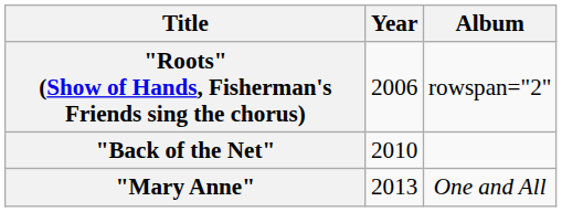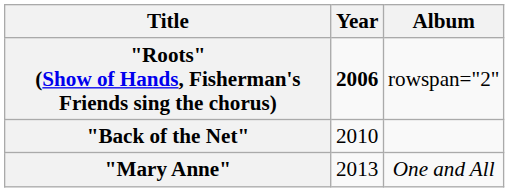 <table class="wikitable plainrowheaders" style="text-align:center;">
 <tr>
 <th scope="col" style="width:15em;">Title</th>
 <th scope="col" style="width:1em;">Year</th>
 <th scope="col">Album</th>
 </tr>
 <tr>
 <th scope="row">"Roots"<br><span>(<a href='#'>Show of Hands</a>, Fisherman's Friends sing the chorus)</span></th>
-<td>2006</td>
+<td><strong>2006</strong></td>
 <td>rowspan="2" </td>
 </tr>
 <tr>
 <th scope="row">"Back of the Net"</th>
 <td>2010</td>
 </tr>
 <tr>
 <th scope="row">"Mary Anne"</th>
 <td>2013</td>
 <td><em>One and All</em></td>
 </tr>
 </table>
